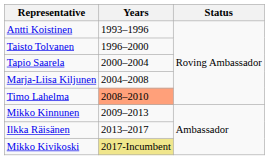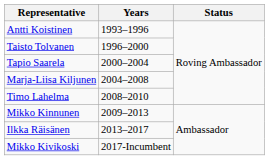 <table class="wikitable sortable">
 <tr>
 <th>Representative</th>
 <th>Years</th>
 <th>Status</th>
 </tr>
 <tr>
 <td><a href='#'>Antti Koistinen</a></td>
 <td>1993–1996</td>
 <td rowspan="5">Roving Ambassador</td>
 </tr>
 <tr>
 <td><a href='#'>Taisto Tolvanen</a></td>
 <td>1996–2000</td>
 </tr>
 <tr>
 <td><a href='#'>Tapio Saarela</a></td>
 <td>2000–2004</td>
 </tr>
 <tr>
 <td><a href='#'>Marja-Liisa Kiljunen</a></td>
 <td>2004–2008</td>
 </tr>
 <tr>
 <td><a href='#'>Timo Lahelma</a></td>
-<td style="background: lightsalmon;">2008–2010</td>
+<td>2008–2010</td>
 </tr>
 <tr>
 <td><a href='#'>Mikko Kinnunen</a></td>
 <td>2009–2013</td>
 <td rowspan="3">Ambassador</td>
 </tr>
 <tr>
 <td><a href='#'>Ilkka Räisänen</a></td>
 <td>2013–2017</td>
 </tr>
 <tr>
 <td><a href='#'>Mikko Kivikoski</a></td>
-<td style="background: khaki;">2017-Incumbent</td>
+<td>2017-Incumbent</td>
 </tr>
 </table>
